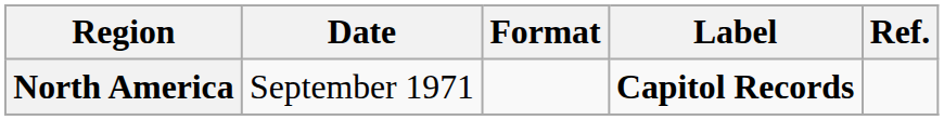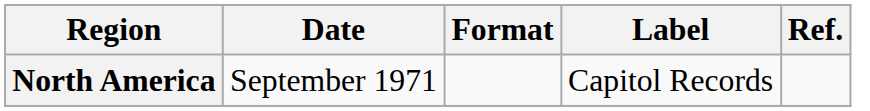 <table class="wikitable plainrowheaders">
 <tr>
 <th scope="col">Region</th>
 <th scope="col">Date</th>
 <th scope="col">Format</th>
 <th scope="col">Label</th>
 <th scope="col">Ref.</th>
 </tr>
 <tr>
 <th scope="row">North America</th>
 <td>September 1971</td>
 <td></td>
-<td><strong>Capitol Records</strong></td>
+<td>Capitol Records</td>
 <td></td>
 </tr>
 <tr>
 </tr>
 </table>
